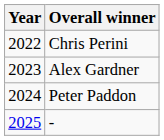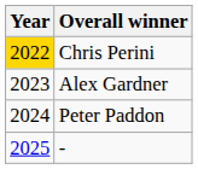 <table class="wikitable">
 <tr>
 <th>Year</th>
 <th>Overall winner</th>
 </tr>
 <tr>
-<td>2022</td>
+<td style="background: gold;">2022</td>
 <td>Chris Perini</td>
 </tr>
 <tr>
 <td>2023</td>
 <td>Alex Gardner</td>
 </tr>
 <tr>
 <td>2024</td>
 <td>Peter Paddon</td>
 </tr>
 <tr>
 <td><a href='#'>2025</a></td>
 <td>-</td>
 </tr>
 </table>
